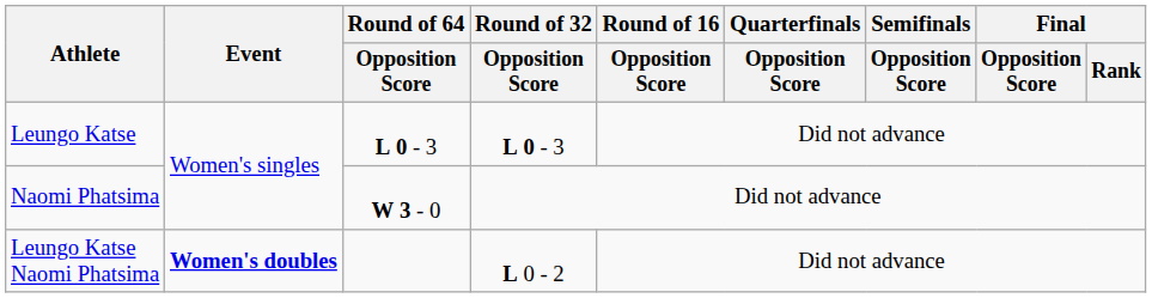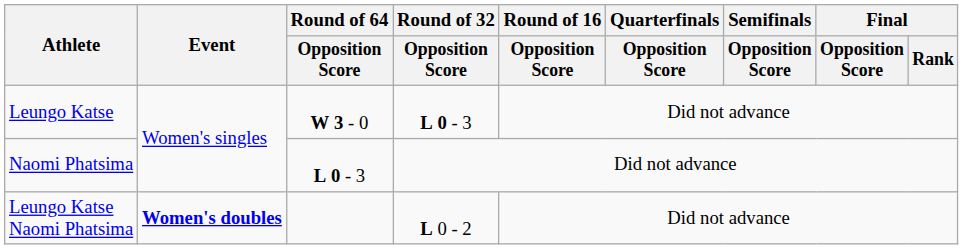 <table class=wikitable style=font-size:90%;text-align:center>
 <tr>
 <th rowspan=2>Athlete</th>
 <th rowspan=2>Event</th>
 <th>Round of 64</th>
 <th>Round of 32</th>
 <th>Round of 16</th>
 <th>Quarterfinals</th>
 <th>Semifinals</th>
 <th colspan=2>Final</th>
 </tr>
 <tr style=font-size:95%>
 <th>Opposition<br>Score</th>
 <th>Opposition<br>Score</th>
 <th>Opposition<br>Score</th>
 <th>Opposition<br>Score</th>
 <th>Opposition<br>Score</th>
 <th>Opposition<br>Score</th>
 <th>Rank</th>
 </tr>
 <tr>
 <td align=left><a href='#'>Leungo Katse</a></td>
 <td align=left rowspan=2><a href='#'>Women's singles</a></td>
-<td><br><strong>L</strong> <strong>0</strong> - 3</td>
+<td><br><strong>W</strong> <strong>3</strong> - 0</td>
 <td><br><strong>L</strong> <strong>0</strong> - 3</td>
 <td colspan=5>Did not advance</td>
 </tr>
 <tr>
 <td align=left><a href='#'>Naomi Phatsima</a></td>
-<td><br><strong>W</strong> <strong>3</strong> - 0</td>
+<td><br><strong>L</strong> <strong>0</strong> - 3</td>
 <td colspan=6>Did not advance</td>
 </tr>
 <tr>
 <td align=left><a href='#'>Leungo Katse</a> <br> <a href='#'>Naomi Phatsima</a></td>
 <td align=left><strong><a href='#'>Women's doubles</a></strong></td>
 <td></td>
 <td><br><strong>L</strong> 0 - 2</td>
 <td colspan=5>Did not advance</td>
 </tr>
 </table>
